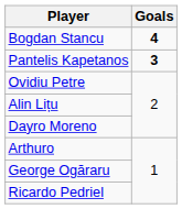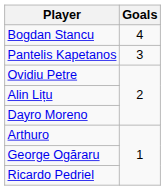 <table class="wikitable" style="text-align:left;margin-left:1em;float:right">
 <tr>
 <th>Player</th>
 <th>Goals</th>
 </tr>
 <tr>
 <td> <a href='#'>Bogdan Stancu</a></td>
-<td style="text-align:center;"><strong>4</strong></td>
+<td style="text-align:center;">4</td>
 </tr>
 <tr>
 <td> <a href='#'>Pantelis Kapetanos</a></td>
-<td style="text-align:center;"><strong>3</strong></td>
+<td style="text-align:center;">3</td>
 </tr>
 <tr>
 <td> <a href='#'>Ovidiu Petre</a></td>
 <td rowspan="3" style="text-align:center;">2</td>
 </tr>
 <tr>
 <td> <a href='#'>Alin Lițu</a></td>
 </tr>
 <tr>
 <td> <a href='#'>Dayro Moreno</a></td>
 </tr>
 <tr>
 <td> <a href='#'>Arthuro</a></td>
 <td rowspan="3" style="text-align:center;">1</td>
 </tr>
 <tr>
 <td> <a href='#'>George Ogăraru</a></td>
 </tr>
 <tr>
 <td> <a href='#'>Ricardo Pedriel</a></td>
 </tr>
 </table>
